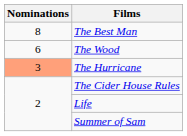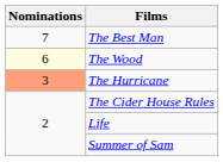 <table class="wikitable">
 <tr>
 <th>Nominations</th>
 <th>Films</th>
 </tr>
 <tr>
-<td rowspan="1" style="text-align:center">8</td>
+<td rowspan="1" style="text-align:center">7</td>
 <td><em><a href='#'>The Best Man</a></em></td>
 </tr>
 <tr>
-<td rowspan="1" style="text-align:center">6</td>
+<td rowspan="1" style="background: lightyellow; text-align:center">6</td>
 <td><em><a href='#'>The Wood</a></em></td>
 </tr>
 <tr>
 <td rowspan="1" style="background: lightsalmon; text-align:center">3</td>
 <td><em><a href='#'>The Hurricane</a></em></td>
 </tr>
 <tr>
 <td rowspan="3" style="text-align:center">2</td>
 <td><em><a href='#'>The Cider House Rules</a></em></td>
 </tr>
 <tr>
 <td><em><a href='#'>Life</a></em></td>
 </tr>
 <tr>
 <td><em><a href='#'>Summer of Sam</a></em></td>
 </tr>
 </table>
